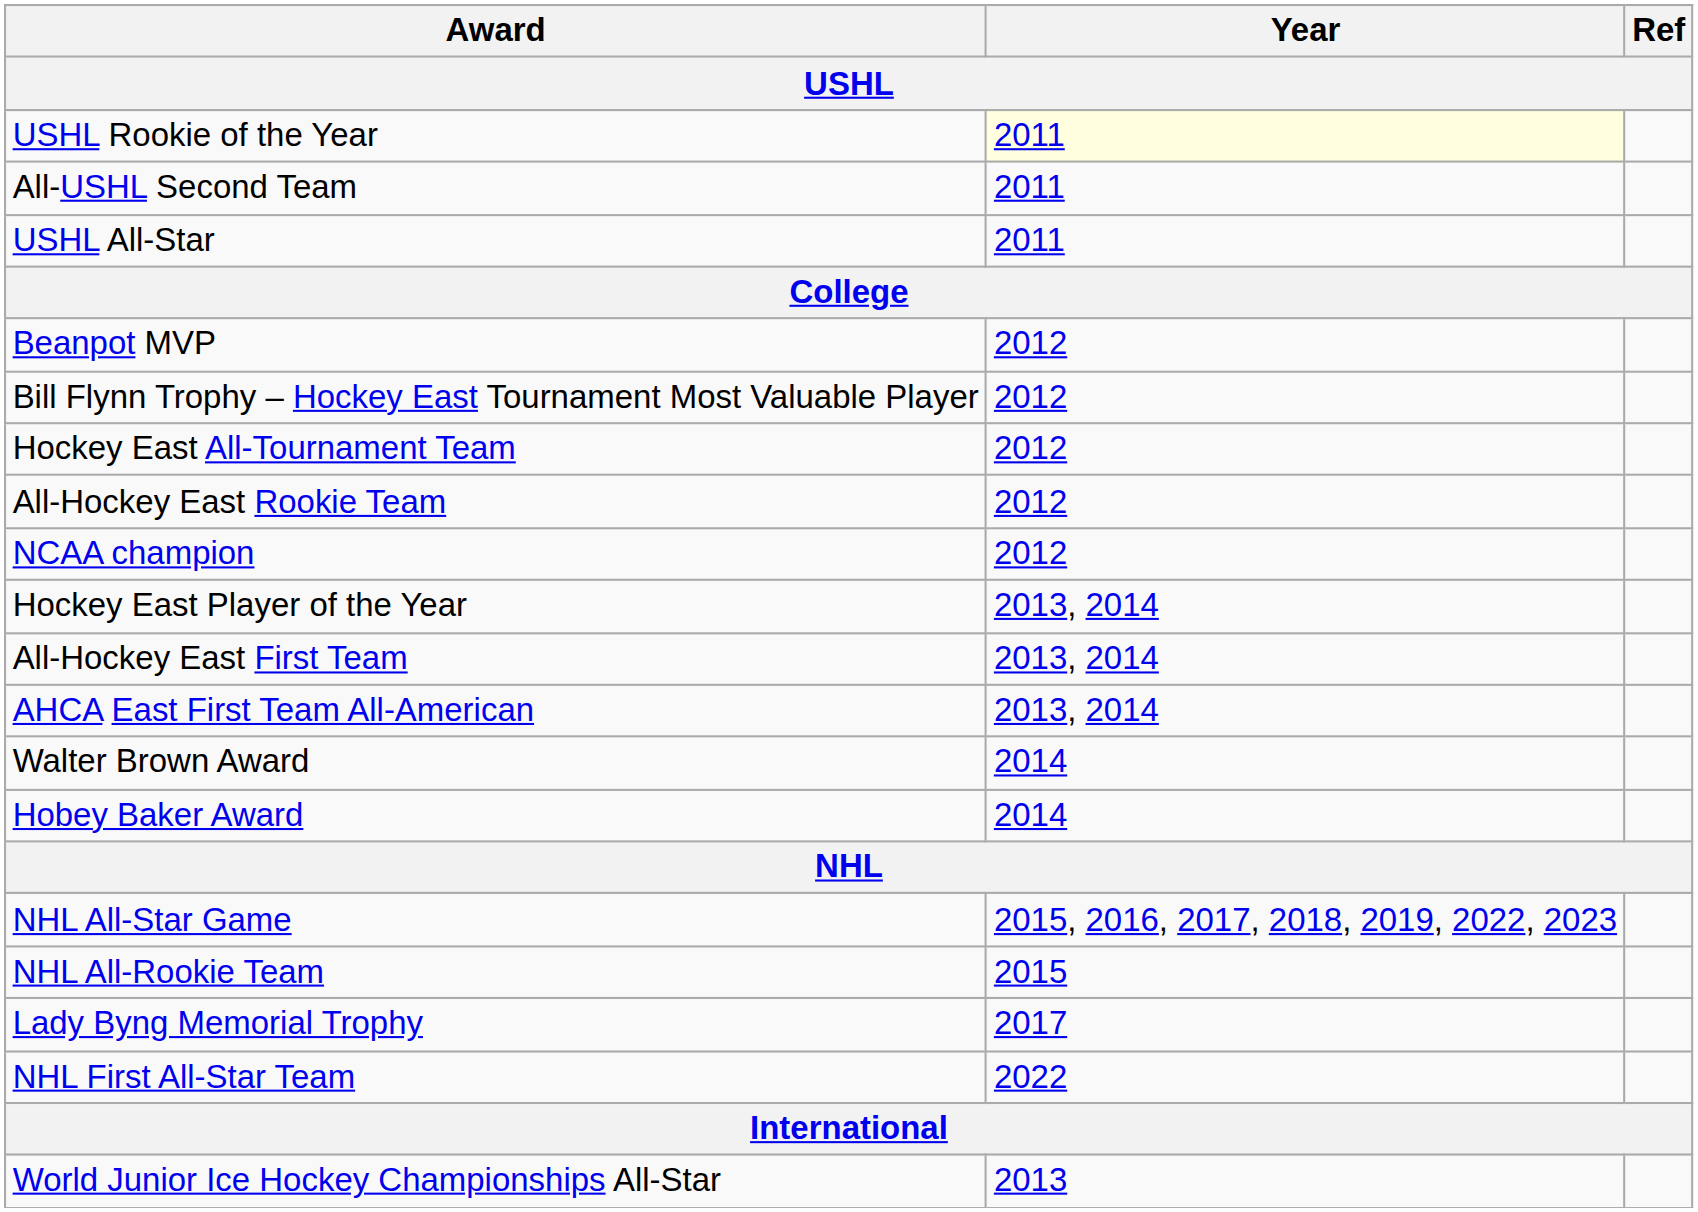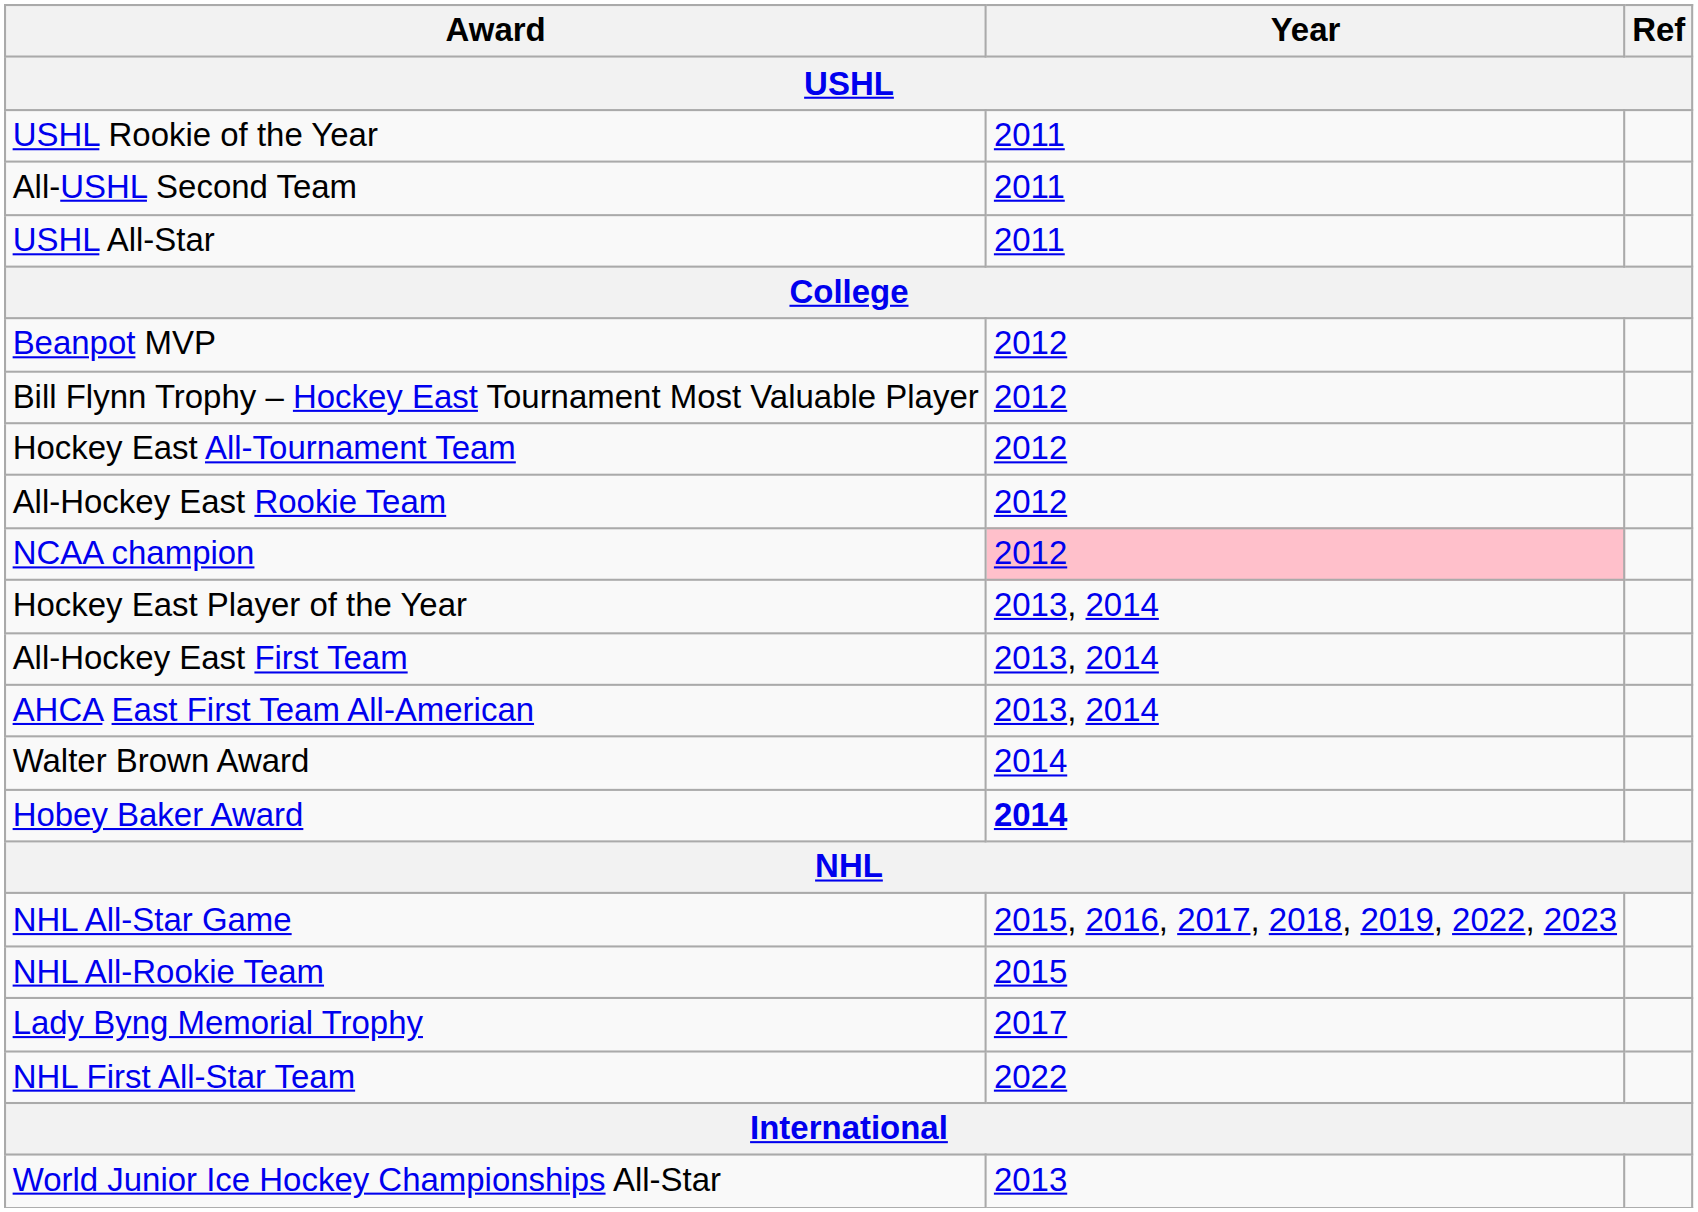 <table class="wikitable">
 <tr>
 <th scope="col">Award</th>
 <th scope="col">Year</th>
 <th scope="col">Ref</th>
 </tr>
 <tr>
 <th colspan="3"><a href='#'>USHL</a></th>
 </tr>
 <tr>
 <td><a href='#'>USHL</a> Rookie of the Year</td>
-<td style="background: lightyellow;"><a href='#'>2011</a></td>
+<td><a href='#'>2011</a></td>
 <td></td>
 </tr>
 <tr>
 <td>All-<a href='#'>USHL</a> Second Team</td>
 <td><a href='#'>2011</a></td>
 <td></td>
 </tr>
 <tr>
 <td><a href='#'>USHL</a> All-Star</td>
 <td><a href='#'>2011</a></td>
 <td></td>
 </tr>
 <tr>
 <th colspan="3"><a href='#'>College</a></th>
 </tr>
 <tr>
 <td><a href='#'>Beanpot</a> MVP</td>
 <td><a href='#'>2012</a></td>
 <td></td>
 </tr>
 <tr>
 <td>Bill Flynn Trophy – <a href='#'>Hockey East</a> Tournament Most Valuable Player</td>
 <td><a href='#'>2012</a></td>
 <td></td>
 </tr>
 <tr>
 <td>Hockey East <a href='#'>All-Tournament Team</a></td>
 <td><a href='#'>2012</a></td>
 <td></td>
 </tr>
 <tr>
 <td>All-Hockey East <a href='#'>Rookie Team</a></td>
 <td><a href='#'>2012</a></td>
 <td></td>
 </tr>
 <tr>
 <td><a href='#'>NCAA champion</a></td>
-<td><a href='#'>2012</a></td>
+<td style="background: pink;"><a href='#'>2012</a></td>
 <td></td>
 </tr>
 <tr>
 <td>Hockey East Player of the Year</td>
 <td><a href='#'>2013</a>, <a href='#'>2014</a></td>
 <td></td>
 </tr>
 <tr>
 <td>All-Hockey East <a href='#'>First Team</a></td>
 <td><a href='#'>2013</a>, <a href='#'>2014</a></td>
 <td></td>
 </tr>
 <tr>
 <td><a href='#'>AHCA</a> <a href='#'>East First Team All-American</a></td>
 <td><a href='#'>2013</a>, <a href='#'>2014</a></td>
 <td></td>
 </tr>
 <tr>
 <td>Walter Brown Award</td>
 <td><a href='#'>2014</a></td>
 <td></td>
 </tr>
 <tr>
 <td><a href='#'>Hobey Baker Award</a></td>
-<td><a href='#'>2014</a></td>
+<td><strong><a href='#'>2014</a></strong></td>
 <td></td>
 </tr>
 <tr>
 <th colspan="3"><a href='#'>NHL</a></th>
 </tr>
 <tr>
 <td><a href='#'>NHL All-Star Game</a></td>
 <td><a href='#'>2015</a>, <a href='#'>2016</a>, <a href='#'>2017</a>, <a href='#'>2018</a>, <a href='#'>2019</a>, <a href='#'>2022</a>, <a href='#'>2023</a></td>
 <td></td>
 </tr>
 <tr>
 <td><a href='#'>NHL All-Rookie Team</a></td>
 <td><a href='#'>2015</a></td>
 <td></td>
 </tr>
 <tr>
 <td><a href='#'>Lady Byng Memorial Trophy</a></td>
 <td><a href='#'>2017</a></td>
 <td></td>
 </tr>
 <tr>
 <td><a href='#'>NHL First All-Star Team</a></td>
 <td><a href='#'>2022</a></td>
 <td></td>
 </tr>
 <tr>
 <th colspan="3"><a href='#'>International</a></th>
 </tr>
 <tr>
 <td><a href='#'>World Junior Ice Hockey Championships</a> All-Star</td>
 <td><a href='#'>2013</a></td>
 <td></td>
 </tr>
 </table>
